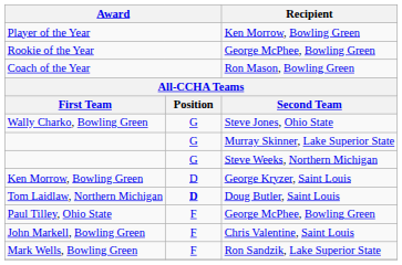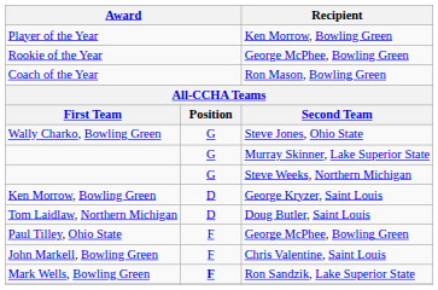 <table class="wikitable">
 <tr>
 <th colspan=2><a href='#'>Award</a></th>
 <th>Recipient</th>
 </tr>
 <tr>
 <td colspan=2><a href='#'>Player of the Year</a></td>
 <td><a href='#'>Ken Morrow</a>, <a href='#'>Bowling Green</a></td>
 </tr>
 <tr>
 <td colspan=2><a href='#'>Rookie of the Year</a></td>
 <td><a href='#'>George McPhee</a>, <a href='#'>Bowling Green</a></td>
 </tr>
 <tr>
 <td colspan=2><a href='#'>Coach of the Year</a></td>
 <td><a href='#'>Ron Mason</a>, <a href='#'>Bowling Green</a></td>
 </tr>
 <tr>
 <th colspan=3><a href='#'>All-CCHA Teams</a></th>
 </tr>
 <tr>
 <th><a href='#'>First Team</a></th>
 <th>  Position  </th>
 <th><a href='#'>Second Team</a></th>
 </tr>
 <tr>
 <td><a href='#'>Wally Charko</a>, <a href='#'>Bowling Green</a></td>
 <td align=center><a href='#'>G</a></td>
 <td><a href='#'>Steve Jones</a>, <a href='#'>Ohio State</a></td>
 </tr>
 <tr>
 <td></td>
 <td align=center><a href='#'>G</a></td>
 <td><a href='#'>Murray Skinner</a>, <a href='#'>Lake Superior State</a></td>
 </tr>
 <tr>
 <td></td>
 <td align=center><a href='#'>G</a></td>
 <td><a href='#'>Steve Weeks</a>, <a href='#'>Northern Michigan</a></td>
 </tr>
 <tr>
 <td><a href='#'>Ken Morrow</a>, <a href='#'>Bowling Green</a></td>
 <td align=center><a href='#'>D</a></td>
 <td><a href='#'>George Kryzer</a>, <a href='#'>Saint Louis</a></td>
 </tr>
 <tr>
 <td><a href='#'>Tom Laidlaw</a>, <a href='#'>Northern Michigan</a></td>
-<td align=center><strong><a href='#'>D</a></strong></td>
+<td align=center><a href='#'>D</a></td>
 <td><a href='#'>Doug Butler</a>, <a href='#'>Saint Louis</a></td>
 </tr>
 <tr>
 <td><a href='#'>Paul Tilley</a>, <a href='#'>Ohio State</a></td>
 <td align=center><a href='#'>F</a></td>
 <td><a href='#'>George McPhee</a>, <a href='#'>Bowling Green</a></td>
 </tr>
 <tr>
 <td><a href='#'>John Markell</a>, <a href='#'>Bowling Green</a></td>
 <td align=center><a href='#'>F</a></td>
 <td><a href='#'>Chris Valentine</a>, <a href='#'>Saint Louis</a></td>
 </tr>
 <tr>
 <td><a href='#'>Mark Wells</a>, <a href='#'>Bowling Green</a></td>
-<td align=center><a href='#'>F</a></td>
+<td align=center><strong><a href='#'>F</a></strong></td>
 <td><a href='#'>Ron Sandzik</a>, <a href='#'>Lake Superior State</a></td>
 </tr>
 <tr>
 </tr>
 </table>
